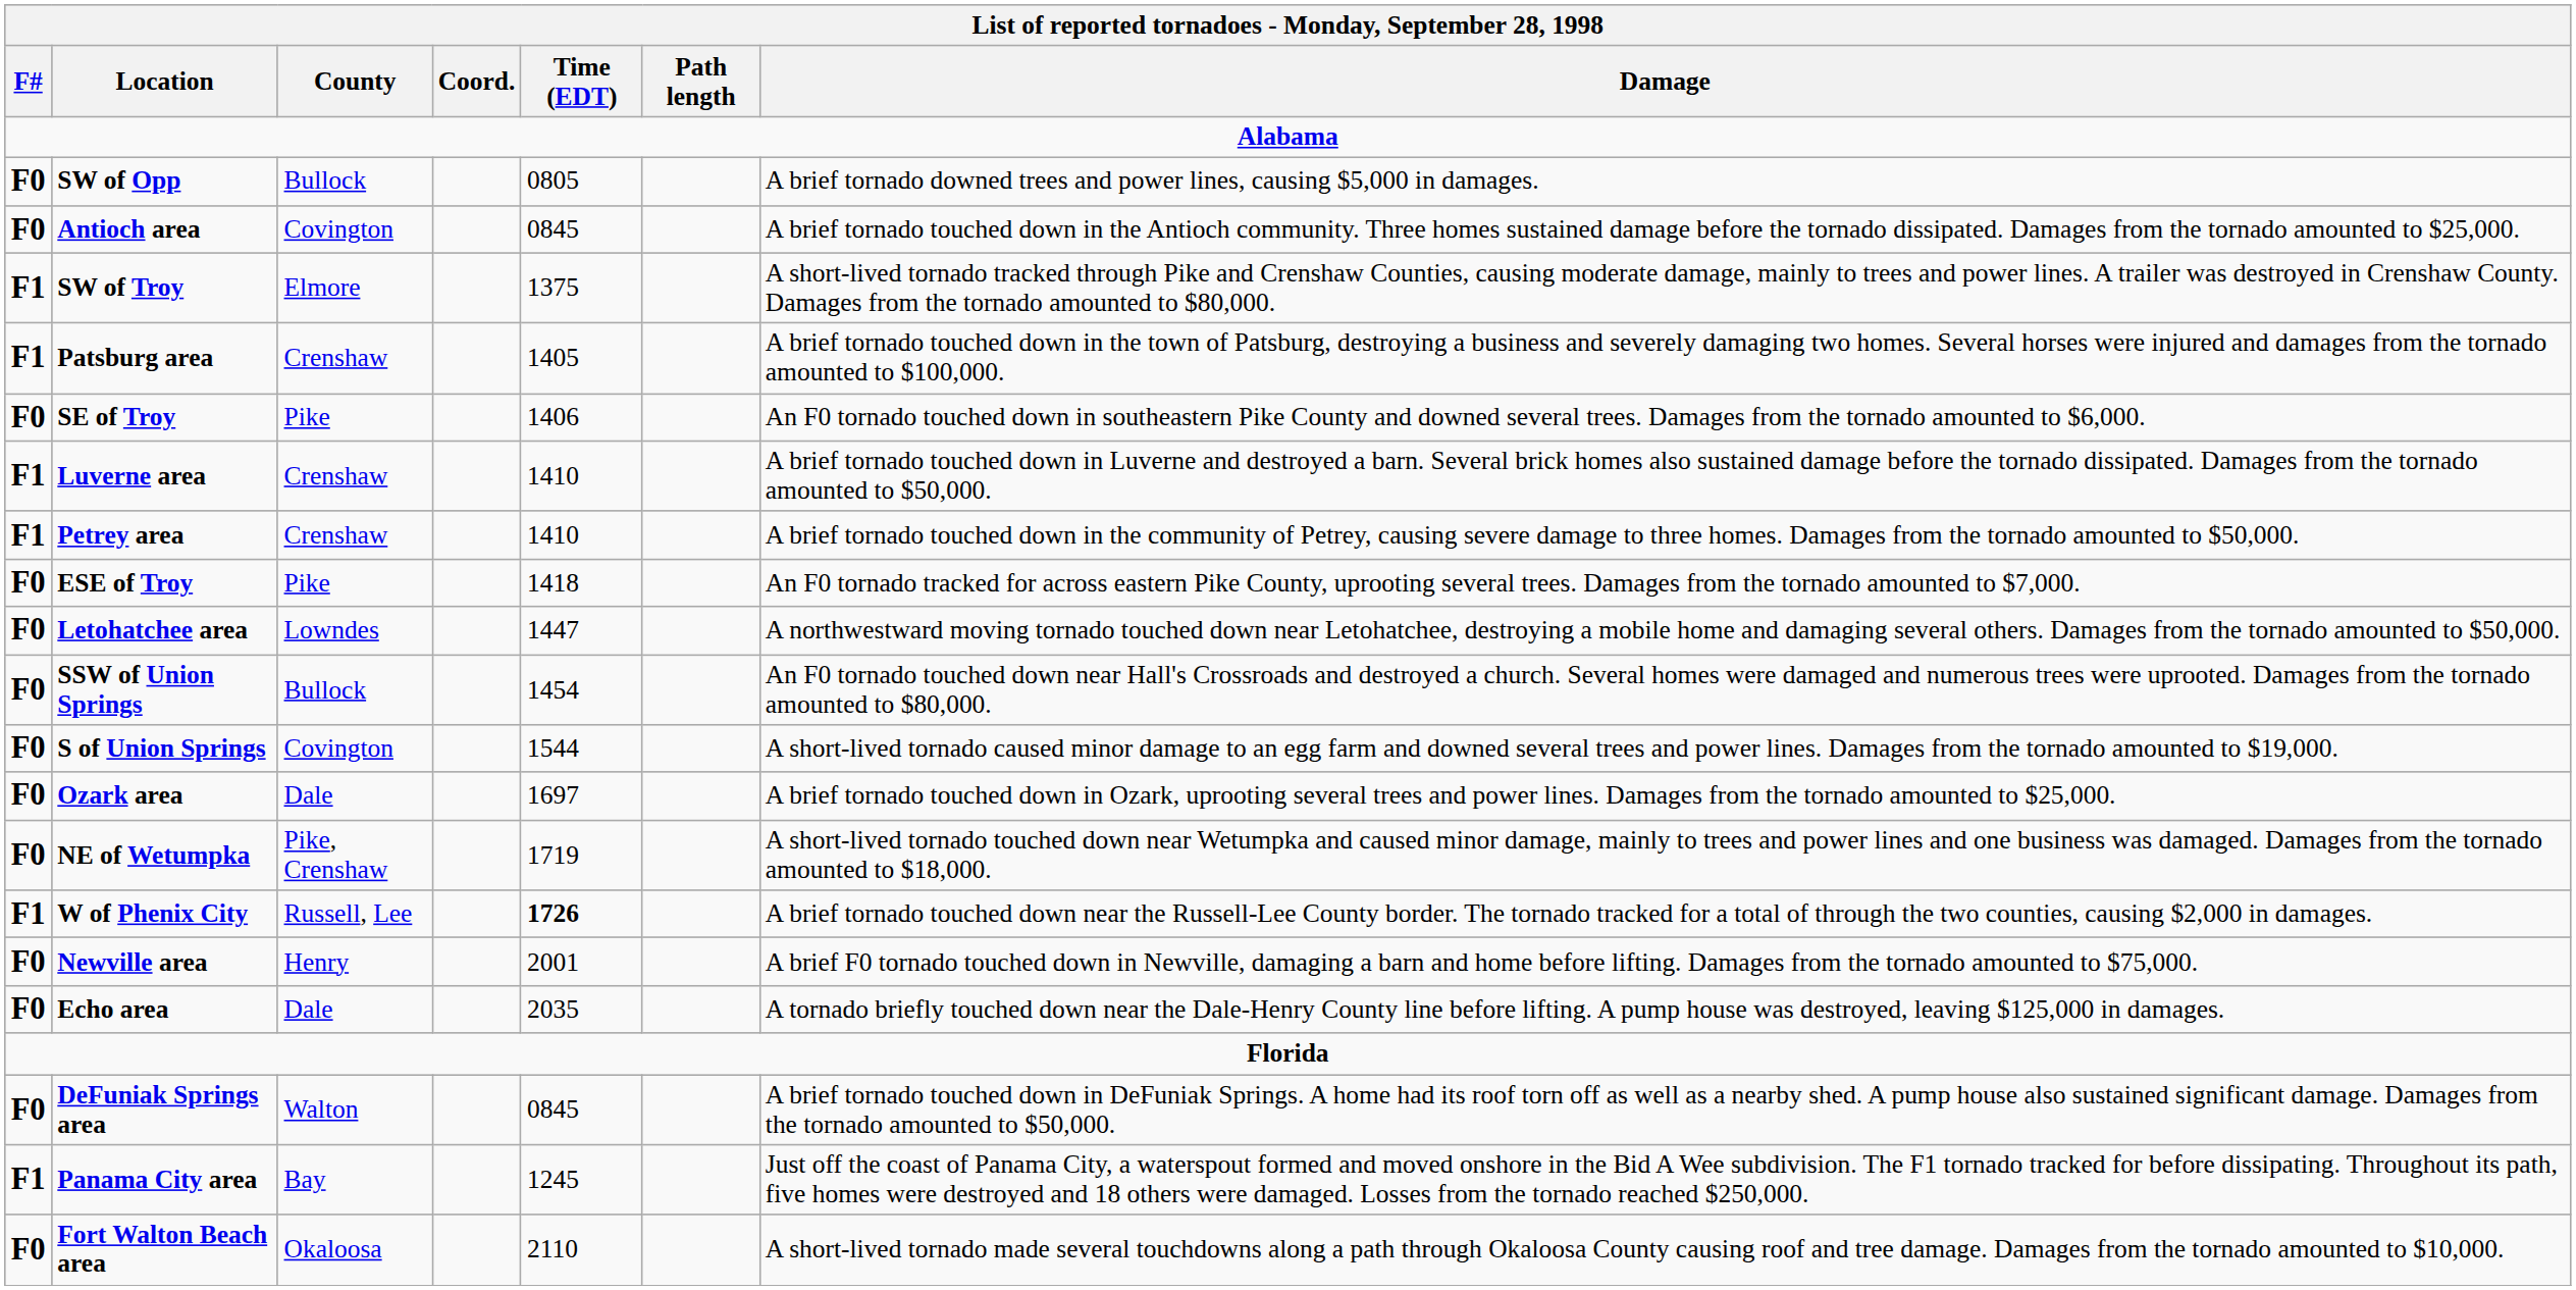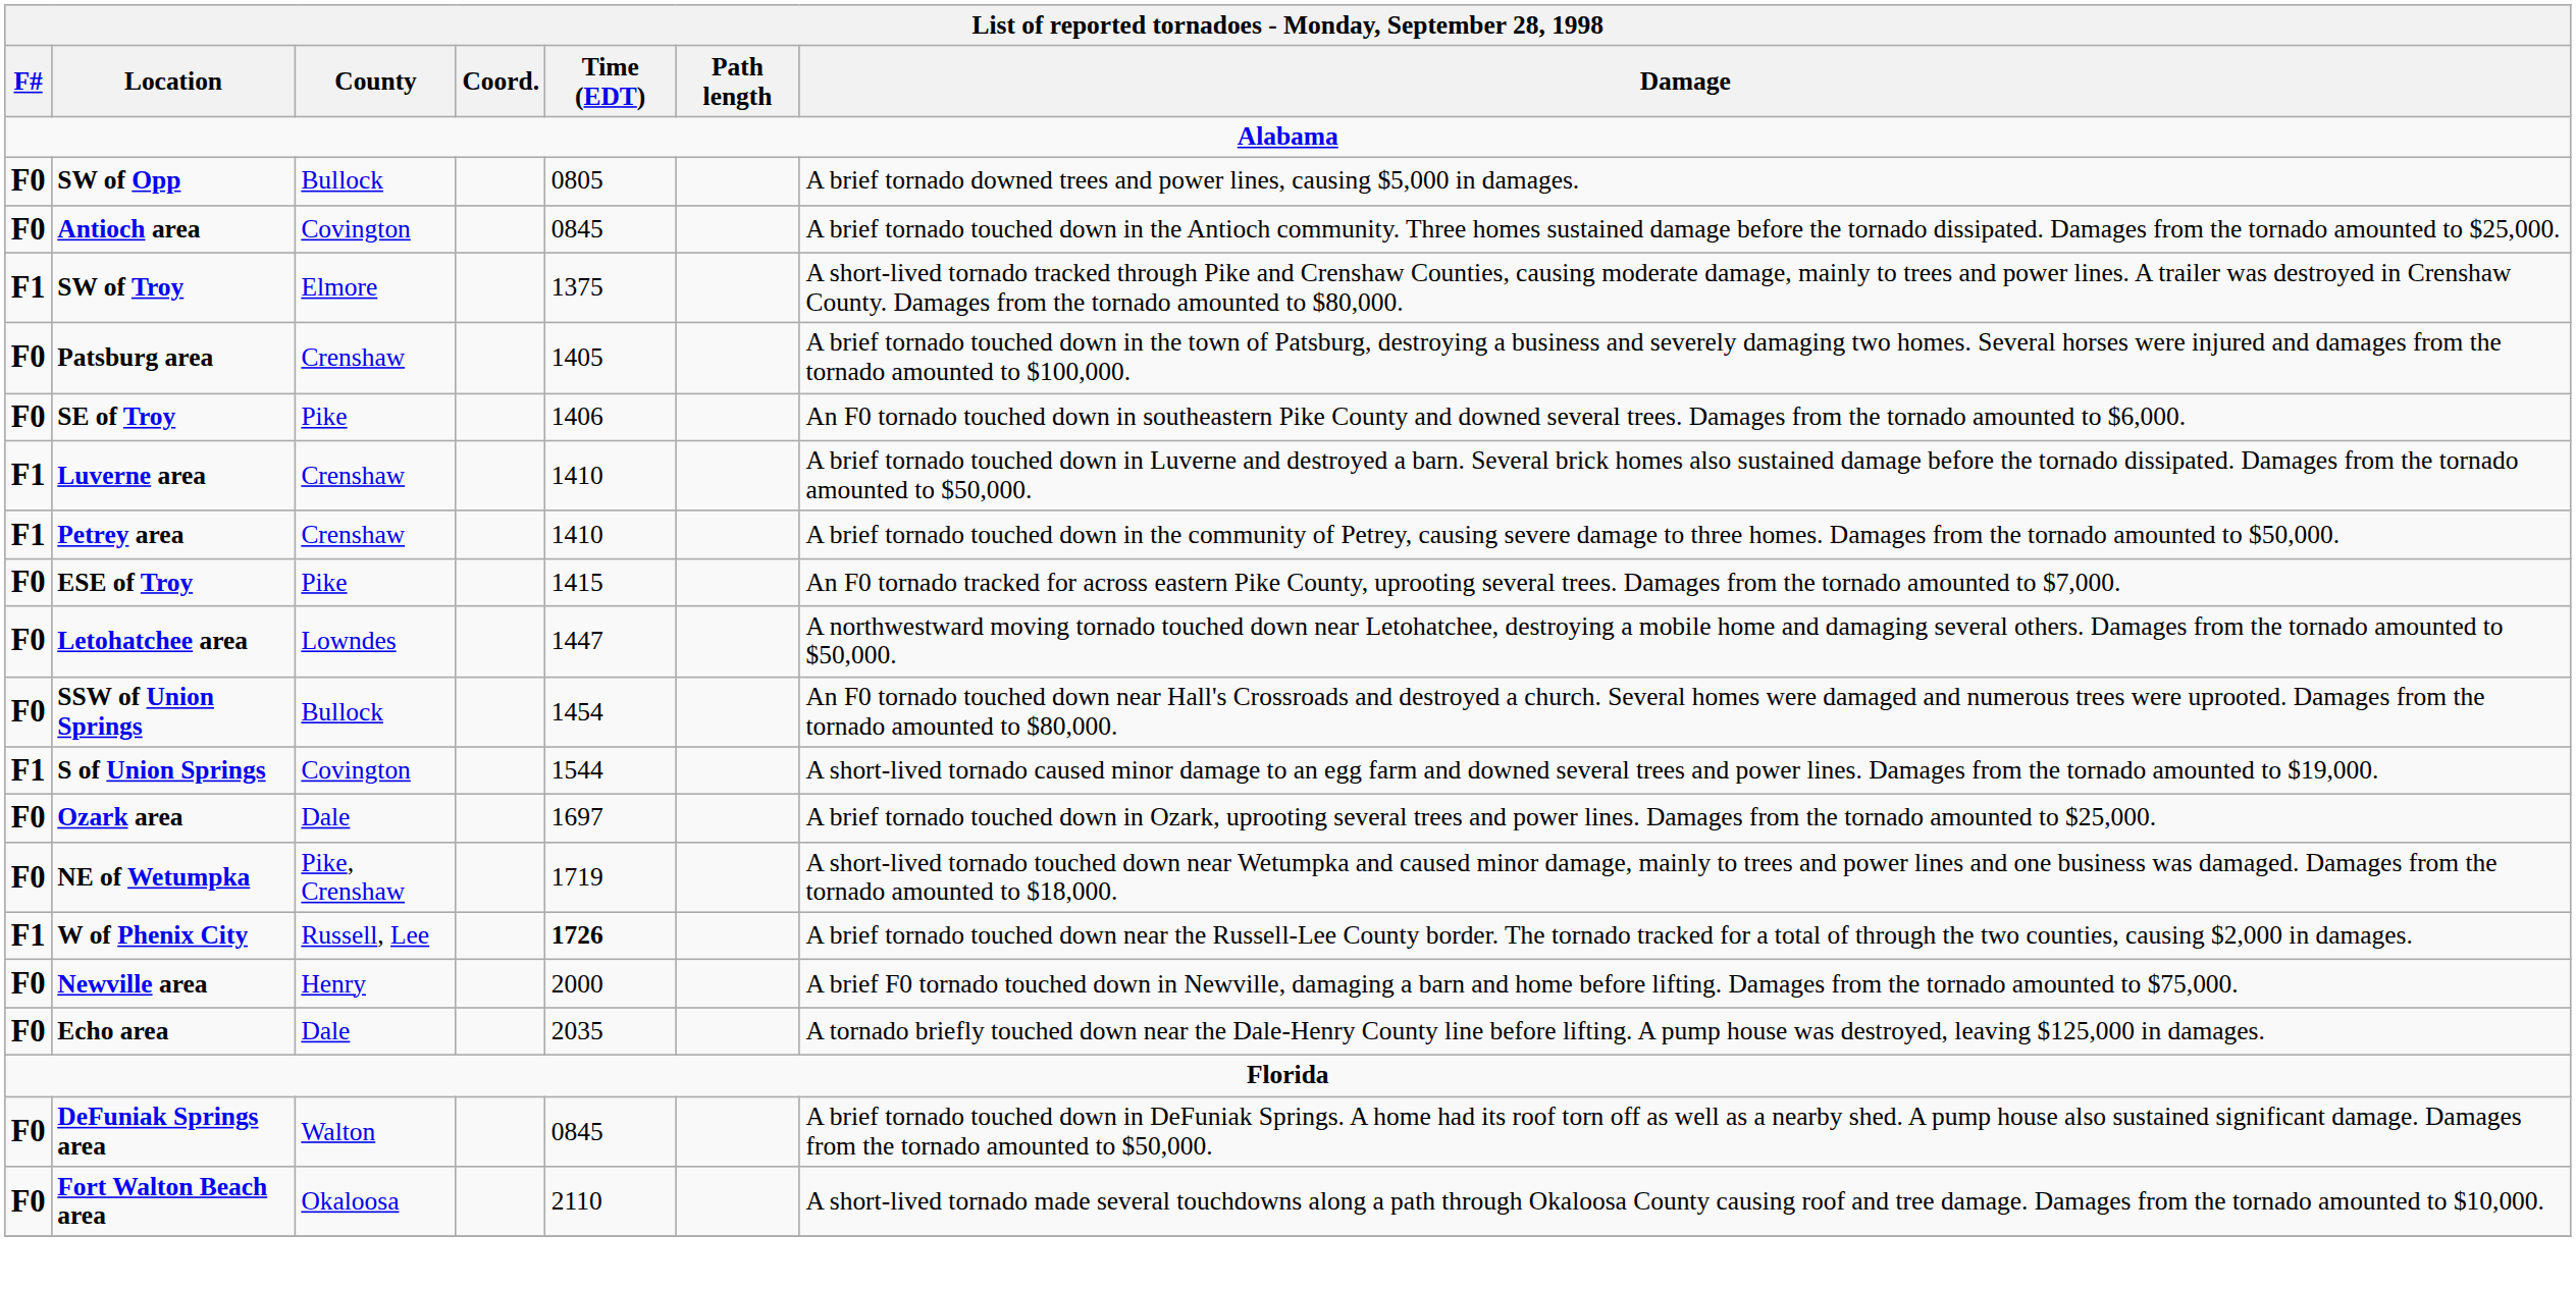 <table class="wikitable collapsible" width="100%">
 <tr>
 <th colspan="7">List of reported tornadoes - Monday, September 28, 1998</th>
 </tr>
 <tr>
 <th><a href='#'>F#</a></th>
 <th>Location</th>
 <th>County</th>
 <th>Coord.</th>
 <th>Time (<a href='#'>EDT</a>)</th>
 <th>Path length</th>
 <th>Damage</th>
 </tr>
 <tr>
 <td colspan="7" align=center><strong><a href='#'>Alabama</a></strong></td>
 </tr>
 <tr>
 <td><big><strong>F0</strong></big></td>
 <td><strong>SW of <a href='#'>Opp</a></strong></td>
 <td><a href='#'>Bullock</a></td>
 <td></td>
 <td>0805</td>
 <td></td>
 <td>A brief tornado downed trees and power lines, causing $5,000 in damages.</td>
 </tr>
 <tr>
 <td><big><strong>F0</strong></big></td>
 <td><strong><a href='#'>Antioch</a> area</strong></td>
 <td><a href='#'>Covington</a></td>
 <td></td>
 <td>0845</td>
 <td></td>
 <td>A brief tornado touched down in the Antioch community. Three homes sustained damage before the tornado dissipated. Damages from the tornado amounted to $25,000.</td>
 </tr>
 <tr>
 <td><big><strong>F1</strong></big></td>
 <td><strong>SW of <a href='#'>Troy</a></strong></td>
 <td><a href='#'>Elmore</a></td>
 <td></td>
 <td>1375</td>
 <td></td>
 <td>A short-lived tornado tracked through Pike and Crenshaw Counties, causing moderate damage, mainly to trees and power lines. A trailer was destroyed in Crenshaw County. Damages from the tornado amounted to $80,000.</td>
 </tr>
 <tr>
-<td><big><strong>F1</strong></big></td>
+<td><big><strong>F0</strong></big></td>
 <td><strong>Patsburg area</strong></td>
 <td><a href='#'>Crenshaw</a></td>
 <td></td>
 <td>1405</td>
 <td></td>
 <td>A brief tornado touched down in the town of Patsburg, destroying a business and severely damaging two homes. Several horses were injured and damages from the tornado amounted to $100,000.</td>
 </tr>
 <tr>
 <td><big><strong>F0</strong></big></td>
 <td><strong>SE of <a href='#'>Troy</a></strong></td>
 <td><a href='#'>Pike</a></td>
 <td></td>
 <td>1406</td>
 <td></td>
 <td>An F0 tornado touched down in southeastern Pike County and downed several trees. Damages from the tornado amounted to $6,000.</td>
 </tr>
 <tr>
 <td><big><strong>F1</strong></big></td>
 <td><strong><a href='#'>Luverne</a> area</strong></td>
 <td><a href='#'>Crenshaw</a></td>
 <td></td>
 <td>1410</td>
 <td></td>
 <td>A brief tornado touched down in Luverne and destroyed a barn. Several brick homes also sustained damage before the tornado dissipated. Damages from the tornado amounted to $50,000.</td>
 </tr>
 <tr>
 <td><big><strong>F1</strong></big></td>
 <td><strong><a href='#'>Petrey</a> area</strong></td>
 <td><a href='#'>Crenshaw</a></td>
 <td></td>
 <td>1410</td>
 <td></td>
 <td>A brief tornado touched down in the community of Petrey, causing severe damage to three homes. Damages from the tornado amounted to $50,000.</td>
 </tr>
 <tr>
 <td><big><strong>F0</strong></big></td>
 <td><strong>ESE of <a href='#'>Troy</a></strong></td>
 <td><a href='#'>Pike</a></td>
 <td></td>
-<td>1418</td>
+<td>1415</td>
 <td></td>
 <td>An F0 tornado tracked for  across eastern Pike County, uprooting several trees. Damages from the tornado amounted to $7,000.</td>
 </tr>
 <tr>
 <td><big><strong>F0</strong></big></td>
 <td><strong><a href='#'>Letohatchee</a> area</strong></td>
 <td><a href='#'>Lowndes</a></td>
 <td></td>
 <td>1447</td>
 <td></td>
 <td>A northwestward moving tornado touched down near Letohatchee, destroying a mobile home and damaging several others. Damages from the tornado amounted to $50,000.</td>
 </tr>
 <tr>
 <td><big><strong>F0</strong></big></td>
 <td><strong>SSW of <a href='#'>Union Springs</a></strong></td>
 <td><a href='#'>Bullock</a></td>
 <td></td>
 <td>1454</td>
 <td></td>
 <td>An F0 tornado touched down near Hall's Crossroads and destroyed a church. Several homes were damaged and numerous trees were uprooted. Damages from the tornado amounted to $80,000.</td>
 </tr>
 <tr>
-<td><big><strong>F0</strong></big></td>
+<td><big><strong>F1</strong></big></td>
 <td><strong>S of <a href='#'>Union Springs</a></strong></td>
 <td><a href='#'>Covington</a></td>
 <td></td>
 <td>1544</td>
 <td></td>
 <td>A short-lived tornado caused minor damage to an egg farm and downed several trees and power lines. Damages from the tornado amounted to $19,000.</td>
 </tr>
 <tr>
 <td><big><strong>F0</strong></big></td>
 <td><strong><a href='#'>Ozark</a> area</strong></td>
 <td><a href='#'>Dale</a></td>
 <td></td>
 <td>1697</td>
 <td></td>
 <td>A brief tornado touched down in Ozark, uprooting several trees and power lines. Damages from the tornado amounted to $25,000.</td>
 </tr>
 <tr>
 <td><big><strong>F0</strong></big></td>
 <td><strong>NE of <a href='#'>Wetumpka</a></strong></td>
 <td><a href='#'>Pike</a>, <a href='#'>Crenshaw</a></td>
 <td></td>
 <td>1719</td>
 <td></td>
 <td>A short-lived tornado touched down near Wetumpka and caused minor damage, mainly to trees and power lines and one business was damaged. Damages from the tornado amounted to $18,000.</td>
 </tr>
 <tr>
 <td><big><strong>F1</strong></big></td>
 <td><strong>W of <a href='#'>Phenix City</a></strong></td>
 <td><a href='#'>Russell</a>, <a href='#'>Lee</a></td>
 <td></td>
 <td><strong>1726</strong></td>
 <td></td>
 <td>A brief tornado touched down near the Russell-Lee County border. The tornado tracked for a total of  through the two counties, causing $2,000 in damages.</td>
 </tr>
 <tr>
 <td><big><strong>F0</strong></big></td>
 <td><strong><a href='#'>Newville</a> area</strong></td>
 <td><a href='#'>Henry</a></td>
 <td></td>
-<td>2001</td>
+<td>2000</td>
 <td></td>
 <td>A brief F0 tornado touched down in Newville, damaging a barn and home before lifting. Damages from the tornado amounted to $75,000.</td>
 </tr>
 <tr>
 <td><big><strong>F0</strong></big></td>
 <td><strong>Echo area</strong></td>
 <td><a href='#'>Dale</a></td>
 <td></td>
 <td>2035</td>
 <td></td>
 <td>A tornado briefly touched down near the Dale-Henry County line before lifting. A pump house was destroyed, leaving $125,000 in damages.</td>
 </tr>
 <tr>
 <td colspan="7" align=center><strong>Florida</strong></td>
 </tr>
 <tr>
 <td><big><strong>F0</strong></big></td>
 <td><strong><a href='#'>DeFuniak Springs</a> area</strong></td>
 <td><a href='#'>Walton</a></td>
 <td></td>
 <td>0845</td>
 <td></td>
 <td>A brief tornado touched down in DeFuniak Springs. A home had its roof torn off as well as a nearby shed. A pump house also sustained significant damage. Damages from the tornado amounted to $50,000.</td>
 </tr>
 <tr>
-<td><big><strong>F1</strong></big></td>
-<td><strong><a href='#'>Panama City</a> area</strong></td>
-<td><a href='#'>Bay</a></td>
-<td></td>
-<td>1245</td>
-<td></td>
-<td>Just off the coast of Panama City, a waterspout formed and moved onshore in the Bid A Wee subdivision. The F1 tornado tracked for  before dissipating. Throughout its path, five homes were destroyed and 18 others were damaged. Losses from the tornado reached $250,000.</td>
-</tr>
-<tr>
 <td><big><strong>F0</strong></big></td>
 <td><strong><a href='#'>Fort Walton Beach</a> area</strong></td>
 <td><a href='#'>Okaloosa</a></td>
 <td></td>
 <td>2110</td>
 <td></td>
 <td>A short-lived tornado made several touchdowns along a  path through Okaloosa County causing roof and tree damage. Damages from the tornado amounted to $10,000.</td>
 </tr>
 <tr>
 </tr>
 </table>
